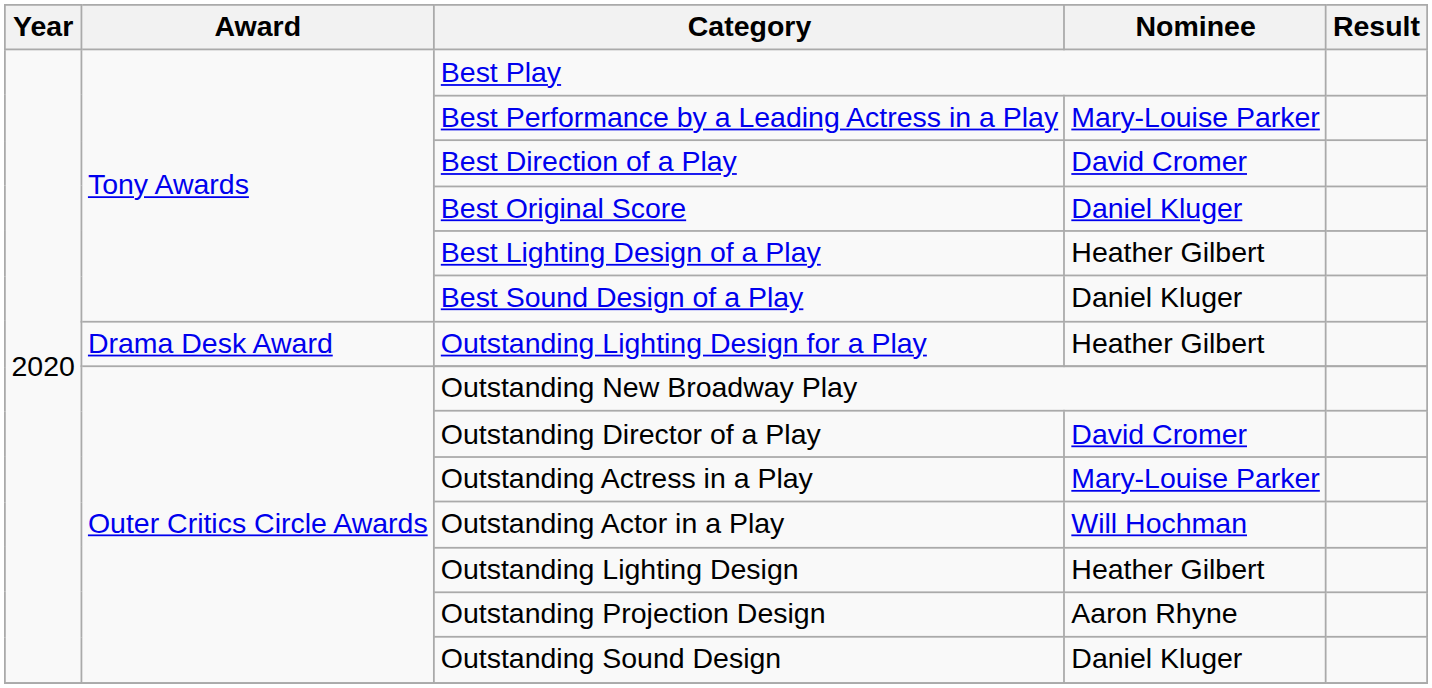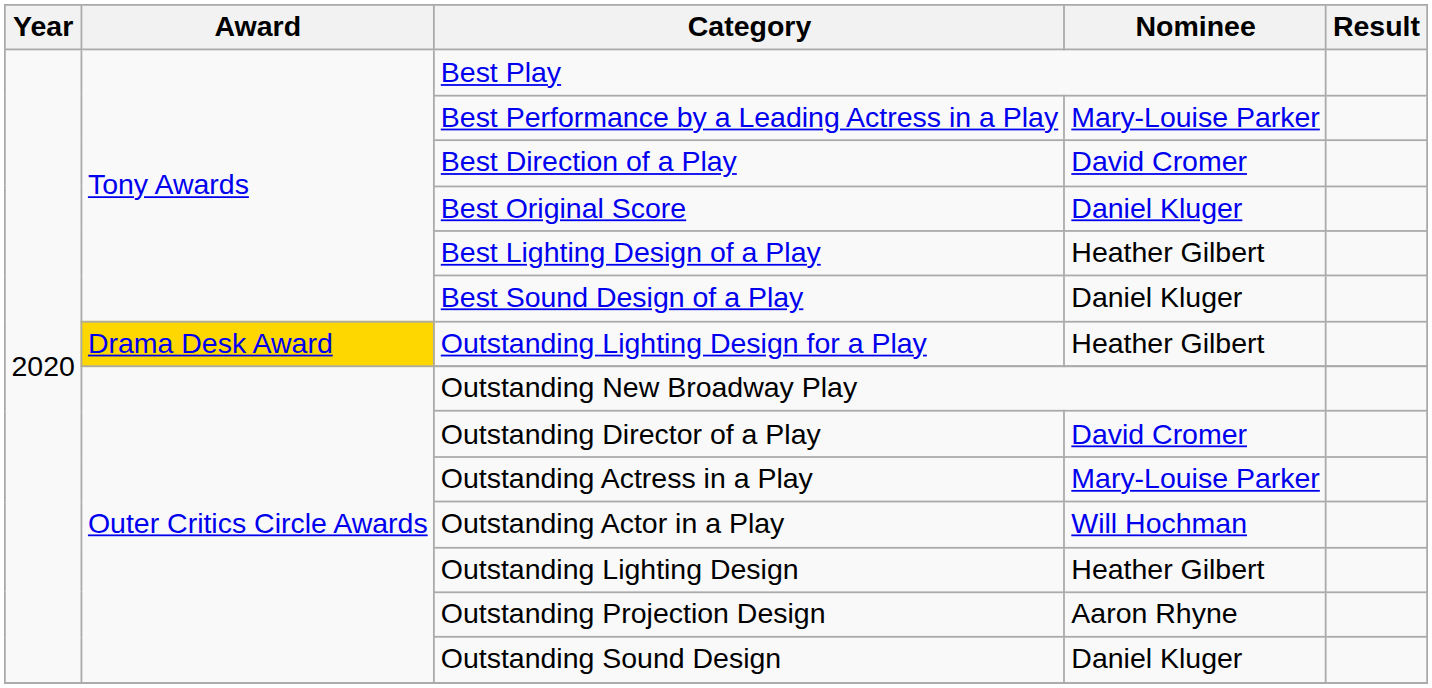 <table class="wikitable sortable">
 <tr>
 <th>Year</th>
 <th>Award</th>
 <th>Category</th>
 <th>Nominee</th>
 <th>Result</th>
 </tr>
 <tr>
 <td rowspan="15">2020</td>
 <td rowspan="6"><a href='#'>Tony Awards</a></td>
 <td colspan="2"><a href='#'>Best Play</a></td>
 <td></td>
 </tr>
 <tr>
 <td><a href='#'>Best Performance by a Leading Actress in a Play</a></td>
 <td><a href='#'>Mary-Louise Parker</a></td>
 <td></td>
 </tr>
 <tr>
 <td><a href='#'>Best Direction of a Play</a></td>
 <td><a href='#'>David Cromer</a></td>
 <td></td>
 </tr>
 <tr>
 <td><a href='#'>Best Original Score</a></td>
 <td><a href='#'>Daniel Kluger</a></td>
 <td></td>
 </tr>
 <tr>
 <td><a href='#'>Best Lighting Design of a Play</a></td>
 <td>Heather Gilbert</td>
 <td></td>
 </tr>
 <tr>
 <td><a href='#'>Best Sound Design of a Play</a></td>
 <td>Daniel Kluger</td>
 <td></td>
 </tr>
 <tr>
-<td><a href='#'>Drama Desk Award</a></td>
+<td style="background: gold;"><a href='#'>Drama Desk Award</a></td>
 <td><a href='#'>Outstanding Lighting Design for a Play</a></td>
 <td>Heather Gilbert</td>
 <td></td>
 </tr>
 <tr>
 <td rowspan="8"><a href='#'>Outer Critics Circle Awards</a></td>
 </tr>
 <tr>
 <td colspan="2">Outstanding New Broadway Play</td>
 <td></td>
 </tr>
 <tr>
 <td>Outstanding Director of a Play</td>
 <td><a href='#'>David Cromer</a></td>
 <td></td>
 </tr>
 <tr>
 <td>Outstanding Actress in a Play</td>
 <td><a href='#'>Mary-Louise Parker</a></td>
 <td></td>
 </tr>
 <tr>
 <td>Outstanding Actor in a Play</td>
 <td><a href='#'>Will Hochman</a></td>
 <td></td>
 </tr>
 <tr>
 <td>Outstanding Lighting Design</td>
 <td>Heather Gilbert</td>
 <td></td>
 </tr>
 <tr>
 <td>Outstanding Projection Design</td>
 <td>Aaron Rhyne</td>
 <td></td>
 </tr>
 <tr>
 <td>Outstanding Sound Design</td>
 <td>Daniel Kluger</td>
 <td></td>
 </tr>
 <tr>
 </tr>
 </table>
